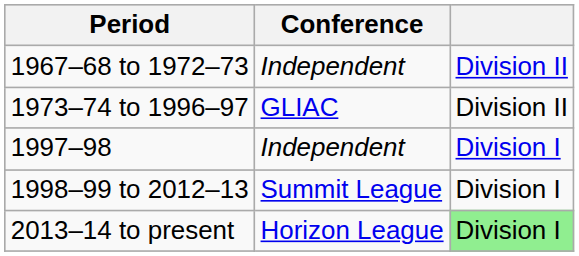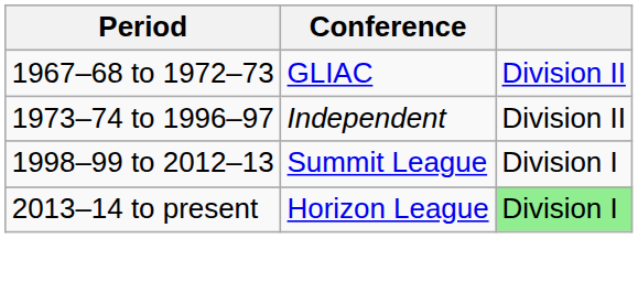 <table class="wikitable">
 <tr>
 <th width=px>Period</th>
 <th width=px>Conference</th>
 <th width=px></th>
 </tr>
 <tr>
 <td>1967–68 to 1972–73</td>
-<td><em>Independent</em></td>
+<td><a href='#'>GLIAC</a></td>
 <td><a href='#'>Division II</a></td>
 </tr>
 <tr>
 <td>1973–74 to 1996–97</td>
-<td><a href='#'>GLIAC</a></td>
+<td><em>Independent</em></td>
 <td>Division II</td>
-</tr>
-<tr>
-<td>1997–98</td>
-<td><em>Independent</em></td>
-<td><a href='#'>Division I</a></td>
 </tr>
 <tr>
 <td>1998–99 to 2012–13</td>
 <td><a href='#'>Summit League</a> </td>
 <td>Division I</td>
 </tr>
 <tr>
 <td>2013–14 to present</td>
 <td><a href='#'>Horizon League</a></td>
 <td style="background: lightgreen;">Division I</td>
 </tr>
 </table>
